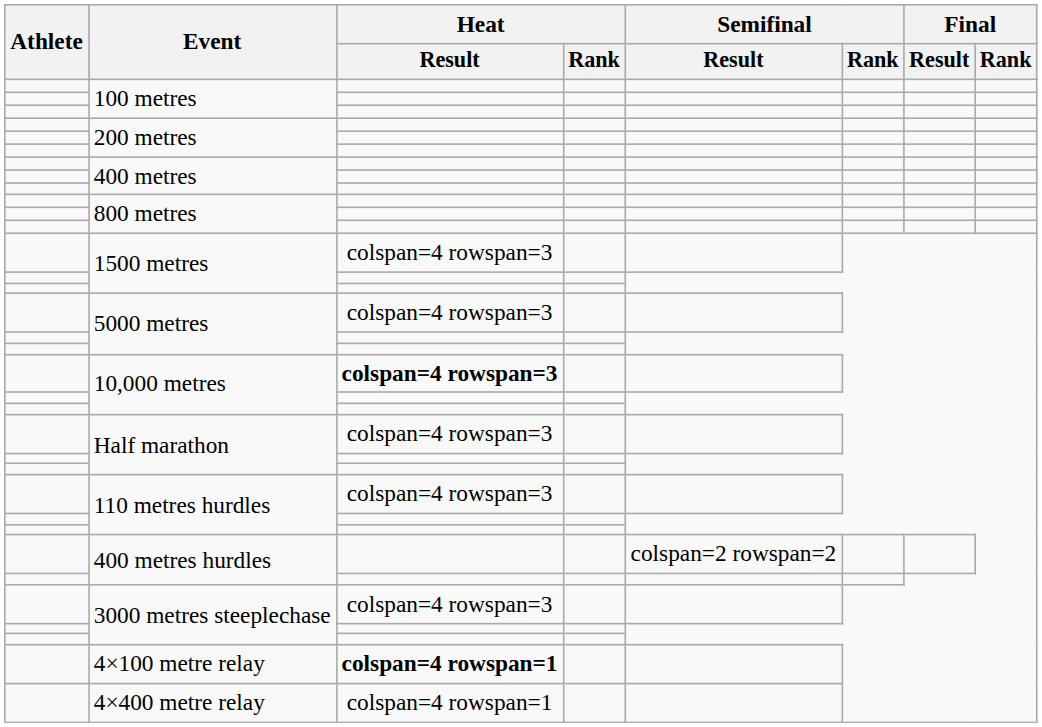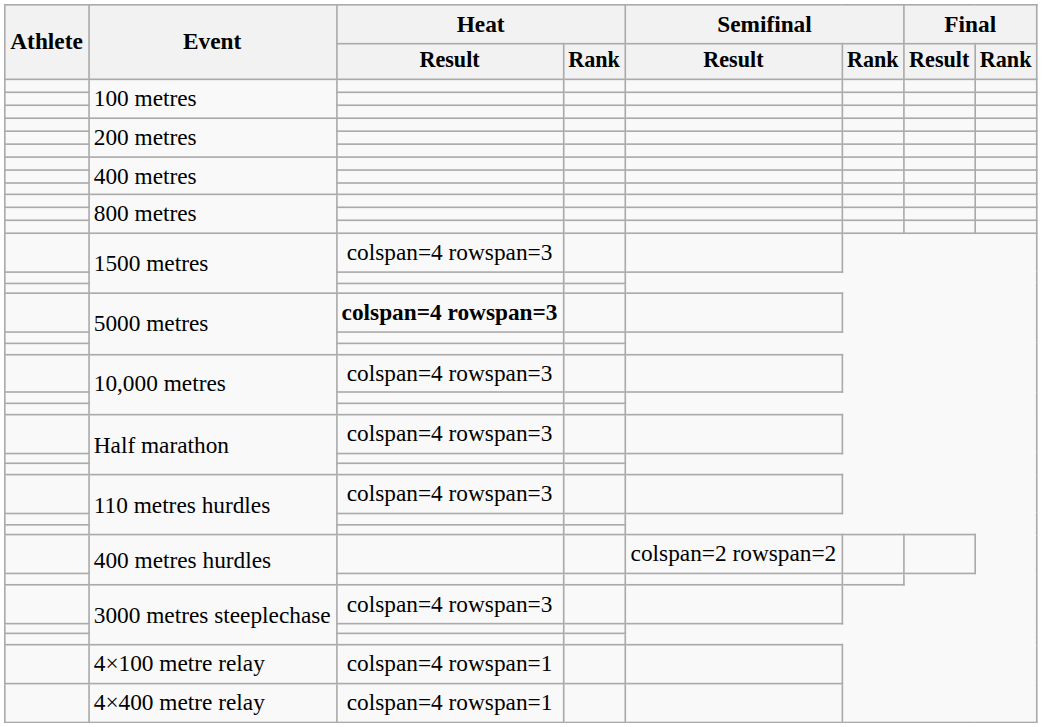 <table class="wikitable" style="font-size:90%">
 <tr>
 <th rowspan="2">Athlete</th>
 <th rowspan="2">Event</th>
 <th colspan="2">Heat</th>
 <th colspan="2">Semifinal</th>
 <th colspan="2">Final</th>
 </tr>
 <tr style="font-size:95%">
 <th>Result</th>
 <th>Rank</th>
 <th>Result</th>
 <th>Rank</th>
 <th>Result</th>
 <th>Rank</th>
 </tr>
 <tr style=text-align:center>
 <td style=text-align:left></td>
 <td style=text-align:left rowspan=3>100 metres</td>
 <td></td>
 <td></td>
 <td></td>
 <td></td>
 <td></td>
 <td></td>
 </tr>
 <tr style=text-align:center>
 <td style=text-align:left></td>
 <td></td>
 <td></td>
 <td></td>
 <td></td>
 <td></td>
 <td></td>
 </tr>
 <tr style=text-align:center>
 <td style=text-align:left></td>
 <td></td>
 <td></td>
 <td></td>
 <td></td>
 <td></td>
 <td></td>
 </tr>
 <tr style=text-align:center>
 <td style=text-align:left></td>
 <td style=text-align:left rowspan=3>200 metres</td>
 <td></td>
 <td></td>
 <td></td>
 <td></td>
 <td></td>
 <td></td>
 </tr>
 <tr style=text-align:center>
 <td style=text-align:left></td>
 <td></td>
 <td></td>
 <td></td>
 <td></td>
 <td></td>
 <td></td>
 </tr>
 <tr style=text-align:center>
 <td style=text-align:left></td>
 <td></td>
 <td></td>
 <td></td>
 <td></td>
 <td></td>
 <td></td>
 </tr>
 <tr style=text-align:center>
 <td style=text-align:left></td>
 <td style=text-align:left rowspan=3>400 metres</td>
 <td></td>
 <td></td>
 <td></td>
 <td></td>
 <td></td>
 <td></td>
 </tr>
 <tr style=text-align:center>
 <td style=text-align:left></td>
 <td></td>
 <td></td>
 <td></td>
 <td></td>
 <td></td>
 <td></td>
 </tr>
 <tr style=text-align:center>
 <td style=text-align:left></td>
 <td></td>
 <td></td>
 <td></td>
 <td></td>
 <td></td>
 <td></td>
 </tr>
 <tr style=text-align:center>
 <td style=text-align:left></td>
 <td style=text-align:left rowspan=3>800 metres</td>
 <td></td>
 <td></td>
 <td></td>
 <td></td>
 <td></td>
 <td></td>
 </tr>
 <tr style=text-align:center>
 <td style=text-align:left></td>
 <td></td>
 <td></td>
 <td></td>
 <td></td>
 <td></td>
 <td></td>
 </tr>
 <tr style=text-align:center>
 <td style=text-align:left></td>
 <td></td>
 <td></td>
 <td></td>
 <td></td>
 <td></td>
 <td></td>
 </tr>
 <tr style=text-align:center>
 <td style=text-align:left></td>
 <td style=text-align:left rowspan=3>1500 metres</td>
 <td>colspan=4 rowspan=3 </td>
 <td></td>
 <td></td>
 </tr>
 <tr style=text-align:center>
 <td style=text-align:left></td>
 <td></td>
 <td></td>
 </tr>
 <tr style=text-align:center>
 <td style=text-align:left></td>
 <td></td>
 <td></td>
 </tr>
 <tr style=text-align:center>
 <td style=text-align:left></td>
 <td style=text-align:left rowspan=3>5000 metres</td>
-<td>colspan=4 rowspan=3 </td>
+<td><strong>colspan=4 rowspan=3 </strong></td>
 <td></td>
 <td></td>
 </tr>
 <tr style=text-align:center>
 <td style=text-align:left></td>
 <td></td>
 <td></td>
 </tr>
 <tr style=text-align:center>
 <td style=text-align:left></td>
 <td></td>
 <td></td>
 </tr>
 <tr style=text-align:center>
 <td style=text-align:left></td>
 <td style=text-align:left rowspan=3>10,000 metres</td>
-<td><strong>colspan=4 rowspan=3 </strong></td>
+<td>colspan=4 rowspan=3 </td>
 <td></td>
 <td></td>
 </tr>
 <tr style=text-align:center>
 <td style=text-align:left></td>
 <td></td>
 <td></td>
 </tr>
 <tr style=text-align:center>
 <td style=text-align:left></td>
 <td></td>
 <td></td>
 </tr>
 <tr style=text-align:center>
 <td style=text-align:left></td>
 <td style=text-align:left rowspan=3>Half marathon</td>
 <td>colspan=4 rowspan=3 </td>
 <td></td>
 <td></td>
 </tr>
 <tr style=text-align:center>
 <td style=text-align:left></td>
 <td></td>
 <td></td>
 </tr>
 <tr style=text-align:center>
 <td style=text-align:left></td>
 <td></td>
 <td></td>
 </tr>
 <tr style=text-align:center>
 <td style=text-align:left></td>
 <td style=text-align:left rowspan=3>110 metres hurdles</td>
 <td>colspan=4 rowspan=3 </td>
 <td></td>
 <td></td>
 </tr>
 <tr style=text-align:center>
 <td style=text-align:left></td>
 <td></td>
 <td></td>
 </tr>
 <tr style=text-align:center>
 <td style=text-align:left></td>
 <td></td>
 <td></td>
 </tr>
 <tr style=text-align:center>
 <td style=text-align:left></td>
 <td style=text-align:left rowspan=2>400 metres hurdles</td>
 <td></td>
 <td></td>
 <td>colspan=2 rowspan=2 </td>
 <td></td>
 <td></td>
 </tr>
 <tr style=text-align:center>
 <td style=text-align:left></td>
 <td></td>
 <td></td>
 <td></td>
 <td></td>
 </tr>
 <tr style=text-align:center>
 <td style=text-align:left></td>
 <td style=text-align:left rowspan=3>3000 metres steeplechase</td>
 <td>colspan=4 rowspan=3 </td>
 <td></td>
 <td></td>
 </tr>
 <tr style=text-align:center>
 <td style=text-align:left></td>
 <td></td>
 <td></td>
 </tr>
 <tr style=text-align:center>
 <td style=text-align:left></td>
 <td></td>
 <td></td>
 </tr>
 <tr style=text-align:center>
 <td style=text-align:left></td>
 <td style=text-align:left rowspan=1>4×100 metre relay</td>
-<td><strong>colspan=4 rowspan=1 </strong></td>
+<td>colspan=4 rowspan=1 </td>
 <td></td>
 <td></td>
 </tr>
 <tr style=text-align:center>
 <td style=text-align:left></td>
 <td style=text-align:left rowspan=1>4×400 metre relay</td>
 <td>colspan=4 rowspan=1 </td>
 <td></td>
 <td></td>
 </tr>
 </table>
